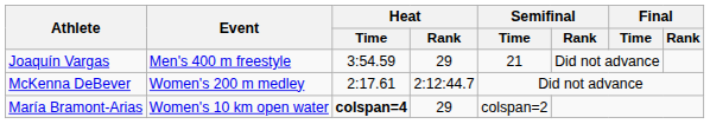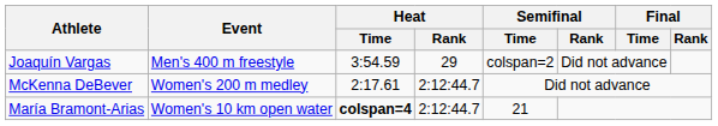 <table class=wikitable style="font-size:90%;">
 <tr>
 <th rowspan=2>Athlete</th>
 <th rowspan=2>Event</th>
 <th colspan=2>Heat</th>
 <th colspan=2>Semifinal</th>
 <th colspan=2>Final</th>
 </tr>
 <tr style="font-size:95%">
 <th>Time</th>
 <th>Rank</th>
 <th>Time</th>
 <th>Rank</th>
 <th>Time</th>
 <th>Rank</th>
 </tr>
 <tr align=center>
 <td align=left><a href='#'>Joaquín Vargas</a></td>
 <td align=left><a href='#'>Men's 400 m freestyle</a></td>
 <td>3:54.59</td>
 <td>29</td>
-<td>21</td>
+<td>colspan=2 </td>
 <td colspan=2>Did not advance</td>
 </tr>
 <tr align=center>
 <td align=left><a href='#'>McKenna DeBever</a></td>
 <td align=left><a href='#'>Women's 200 m medley</a></td>
 <td>2:17.61</td>
 <td>2:12:44.7</td>
 <td colspan=4>Did not advance</td>
 </tr>
 <tr align=center>
 <td align=left><a href='#'>María Bramont-Arias</a></td>
 <td align=left><a href='#'>Women's 10 km open water</a></td>
 <td><strong>colspan=4 </strong></td>
-<td>29</td>
-<td>colspan=2 </td>
+<td>2:12:44.7</td>
+<td>21</td>
 </tr>
 </table>
